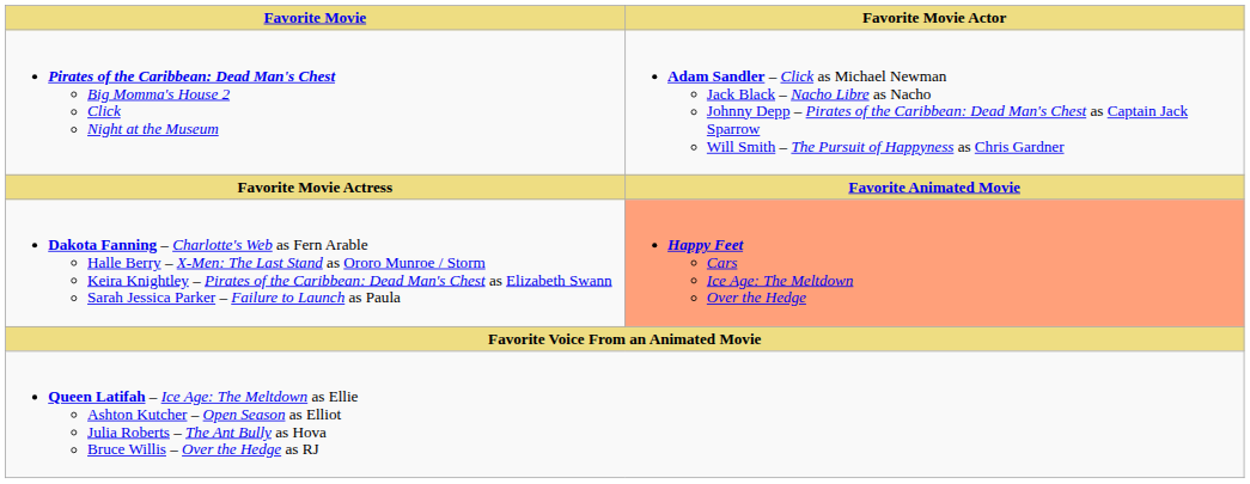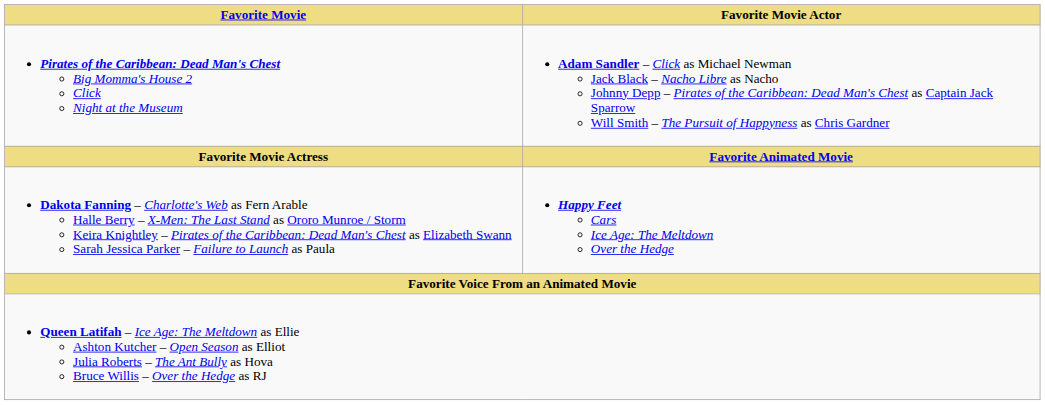 <table class="wikitable" style="width:100%;">
 <tr>
 <th style="background:#EEDD82; width:50%"><a href='#'>Favorite Movie</a></th>
 <th style="background:#EEDD82; width:50%">Favorite Movie Actor</th>
 </tr>
 <tr>
 <td valign="top"><br><ul><li><strong><em><a href='#'>Pirates of the Caribbean: Dead Man's Chest</a></em></strong><ul><li><em><a href='#'>Big Momma's House 2</a></em></li><li><em><a href='#'>Click</a></em></li><li><em><a href='#'>Night at the Museum</a></em></li></ul></li></ul></td>
 <td valign="top"><br><ul><li><strong><a href='#'>Adam Sandler</a></strong> – <em><a href='#'>Click</a></em> as Michael Newman<ul><li><a href='#'>Jack Black</a> – <em><a href='#'>Nacho Libre</a></em> as Nacho</li><li><a href='#'>Johnny Depp</a> – <em><a href='#'>Pirates of the Caribbean: Dead Man's Chest</a></em> as <a href='#'>Captain Jack Sparrow</a></li><li><a href='#'>Will Smith</a> – <em><a href='#'>The Pursuit of Happyness</a></em> as <a href='#'>Chris Gardner</a></li></ul></li></ul></td>
 </tr>
 <tr>
 <th style="background:#EEDD82; width:50%">Favorite Movie Actress</th>
 <th style="background:#EEDD82; width:50%"><a href='#'>Favorite Animated Movie</a></th>
 </tr>
 <tr>
 <td valign="top"><br><ul><li><strong><a href='#'>Dakota Fanning</a></strong> – <em><a href='#'>Charlotte's Web</a></em> as Fern Arable<ul><li><a href='#'>Halle Berry</a> – <em><a href='#'>X-Men: The Last Stand</a></em> as <a href='#'>Ororo Munroe / Storm</a></li><li><a href='#'>Keira Knightley</a> – <em><a href='#'>Pirates of the Caribbean: Dead Man's Chest</a></em> as <a href='#'>Elizabeth Swann</a></li><li><a href='#'>Sarah Jessica Parker</a> – <em><a href='#'>Failure to Launch</a></em> as Paula</li></ul></li></ul></td>
-<td valign="top" style="background: lightsalmon;"><br><ul><li><strong><em><a href='#'>Happy Feet</a></em></strong><ul><li><em><a href='#'>Cars</a></em></li><li><em><a href='#'>Ice Age: The Meltdown</a></em></li><li><em><a href='#'>Over the Hedge</a></em></li></ul></li></ul></td>
+<td valign="top"><br><ul><li><strong><em><a href='#'>Happy Feet</a></em></strong><ul><li><em><a href='#'>Cars</a></em></li><li><em><a href='#'>Ice Age: The Meltdown</a></em></li><li><em><a href='#'>Over the Hedge</a></em></li></ul></li></ul></td>
 </tr>
 <tr>
 <th style="background:#EEDD82;" colspan="2">Favorite Voice From an Animated Movie</th>
 </tr>
 <tr>
 <td colspan="2" valign="top"><br><ul><li><strong><a href='#'>Queen Latifah</a></strong> – <em><a href='#'>Ice Age: The Meltdown</a></em> as Ellie<ul><li><a href='#'>Ashton Kutcher</a> – <em><a href='#'>Open Season</a></em> as Elliot</li><li><a href='#'>Julia Roberts</a> – <em><a href='#'>The Ant Bully</a></em> as Hova</li><li><a href='#'>Bruce Willis</a> – <em><a href='#'>Over the Hedge</a></em> as RJ</li></ul></li></ul></td>
 </tr>
 </table>
